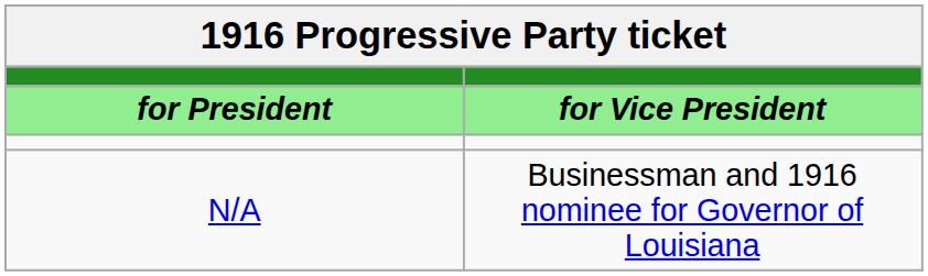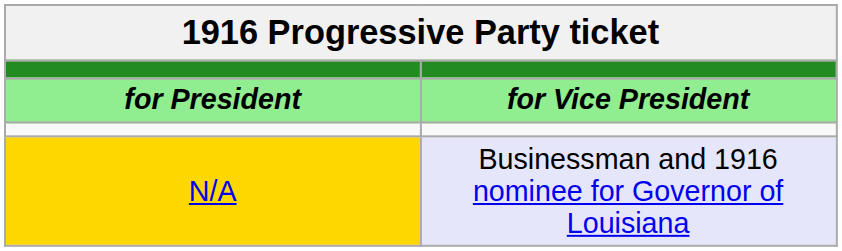 <table class="wikitable" style="font-size:90%; text-align:center;">
 <tr>
 <td colspan="29" style="background:#f1f1f1;"><big><strong>1916 Progressive Party ticket</strong></big></td>
 </tr>
 <tr>
 <th style="width:3em; font-size:135%; background:#228B22; width:200px;"><a href='#'></a></th>
 <th style="width:3em; font-size:135%; background:#228B22; width:200px;"><a href='#'></a></th>
 </tr>
 <tr>
 <td style="width:3em; font-size:100%; color:#000; background:#90EE90; width:200px;"><strong><em>for President</em></strong></td>
 <td style="width:3em; font-size:100%; color:#000; background:#90EE90; width:200px;"><strong><em>for Vice President</em></strong></td>
 </tr>
 <tr>
 <td></td>
 <td></td>
 </tr>
 <tr>
-<td><a href='#'>N/A</a></td>
-<td>Businessman and 1916 <a href='#'>nominee for Governor of Louisiana</a></td>
+<td style="background: gold;"><a href='#'>N/A</a></td>
+<td style="background: lavender;">Businessman and 1916 <a href='#'>nominee for Governor of Louisiana</a></td>
 </tr>
 </table>
